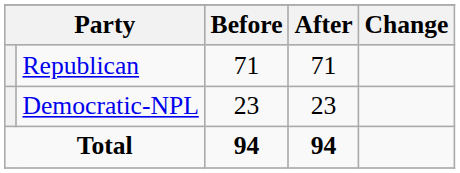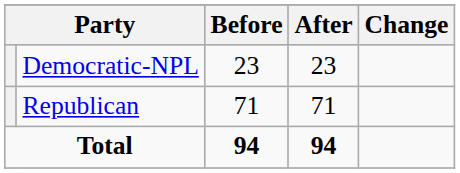 <table class="wikitable" style="text-align:center;">
 <tr>
 </tr>
 <tr>
 <th colspan=2>Party</th>
 <th>Before</th>
 <th>After</th>
 <th>Change</th>
 </tr>
 <tr>
 <th style="background-color:"></th>
-<td style="text-align:left;"><a href='#'>Republican</a></td>
-<td>71</td>
-<td>71</td>
+<td style="text-align:left;"><a href='#'>Democratic-NPL</a></td>
+<td>23</td>
+<td>23</td>
 <td></td>
 </tr>
 <tr>
 <th style="background-color:"></th>
-<td style="text-align:left;"><a href='#'>Democratic-NPL</a></td>
-<td>23</td>
-<td>23</td>
+<td style="text-align:left;"><a href='#'>Republican</a></td>
+<td>71</td>
+<td>71</td>
 <td></td>
 </tr>
 <tr>
 <td colspan=2><strong>Total</strong></td>
 <td><strong>94</strong></td>
 <td><strong>94</strong></td>
 <td></td>
 </tr>
 </table>
